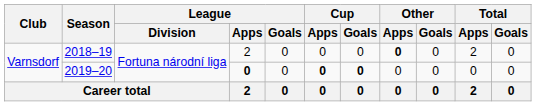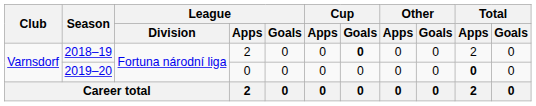 <table class="wikitable" style="text-align: center">
 <tr>
 <th rowspan="2">Club</th>
 <th rowspan="2">Season</th>
 <th colspan="3">League</th>
 <th colspan="2">Cup</th>
 <th colspan="2">Other</th>
 <th colspan="2">Total</th>
 </tr>
 <tr>
 <th>Division</th>
 <th>Apps</th>
 <th>Goals</th>
 <th>Apps</th>
 <th>Goals</th>
 <th>Apps</th>
 <th>Goals</th>
 <th>Apps</th>
 <th>Goals</th>
 </tr>
 <tr>
 <td rowspan="2"><a href='#'>Varnsdorf</a></td>
 <td><a href='#'>2018–19</a></td>
 <td rowspan="2"><a href='#'>Fortuna národní liga</a></td>
 <td>2</td>
 <td>0</td>
 <td>0</td>
+<td><strong>0</strong></td>
 <td>0</td>
-<td><strong>0</strong></td>
 <td>0</td>
 <td>2</td>
 <td>0</td>
 </tr>
 <tr>
 <td><a href='#'>2019–20</a></td>
-<td><strong>0</strong></td>
-<td>0</td>
-<td><strong>0</strong></td>
-<td><strong>0</strong></td>
 <td>0</td>
 <td>0</td>
 <td>0</td>
+<td>0</td>
+<td>0</td>
+<td>0</td>
+<td><strong>0</strong></td>
 <td>0</td>
 </tr>
 <tr>
 <th colspan="3"><strong>Career total</strong></th>
 <th>2</th>
 <th>0</th>
 <th>0</th>
 <th>0</th>
 <th>0</th>
 <th>0</th>
 <th>2</th>
 <th>0</th>
 </tr>
 </table>
